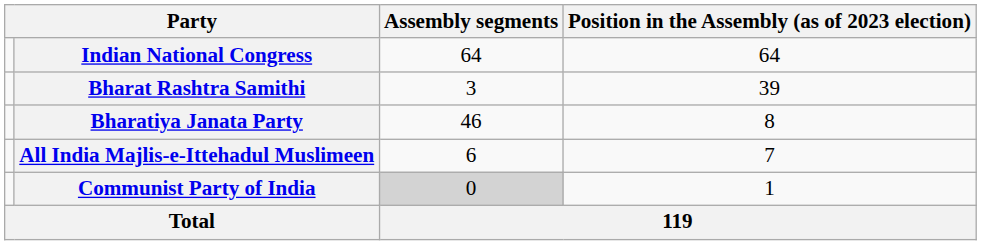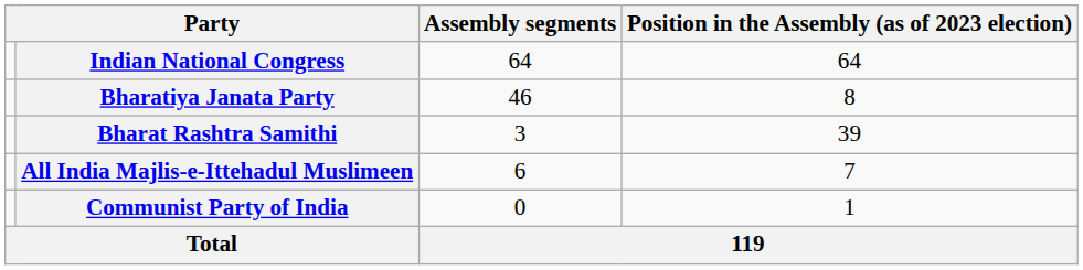 <table class="wikitable" style="text-align:center">
 <tr>
 <th colspan="2">Party</th>
 <th>Assembly segments</th>
 <th>Position in the Assembly (as of 2023 election)</th>
 </tr>
 <tr>
 <td></td>
 <th><a href='#'>Indian National Congress</a></th>
 <td>64</td>
 <td>64</td>
 </tr>
 <tr>
 <td></td>
+<th><a href='#'>Bharatiya Janata Party</a></th>
+<td>46</td>
+<td>8</td>
+</tr>
+<tr>
+<td></td>
 <th><a href='#'>Bharat Rashtra Samithi</a></th>
 <td>3</td>
 <td>39</td>
-</tr>
-<tr>
-<td></td>
-<th><a href='#'>Bharatiya Janata Party</a></th>
-<td>46</td>
-<td>8</td>
 </tr>
 <tr>
 <td></td>
 <th><a href='#'>All India Majlis-e-Ittehadul Muslimeen</a></th>
 <td>6</td>
 <td>7</td>
 </tr>
 <tr>
 <td></td>
 <th><a href='#'>Communist Party of India</a></th>
-<td style="background: lightgrey;">0</td>
+<td>0</td>
 <td>1</td>
 </tr>
 <tr>
 <th colspan="2">Total</th>
 <th colspan="2">119</th>
 </tr>
 </table>
